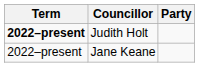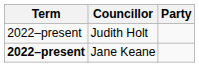 <table class="wikitable">
 <tr>
 <th>Term</th>
 <th>Councillor</th>
 <th colspan=2>Party</th>
 </tr>
 <tr>
-<td><strong>2022–present</strong></td>
+<td>2022–present</td>
 <td>Judith Holt</td>
 <td></td>
 </tr>
 <tr>
-<td>2022–present</td>
+<td><strong>2022–present</strong></td>
 <td>Jane Keane</td>
 <td></td>
 </tr>
 </table>
